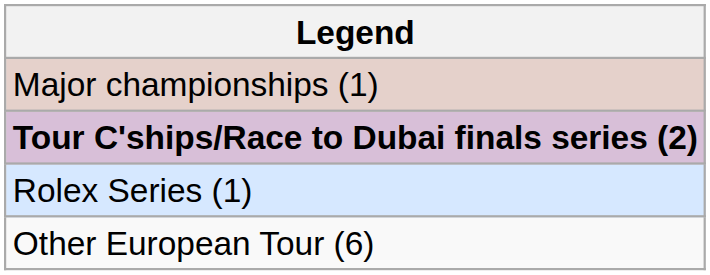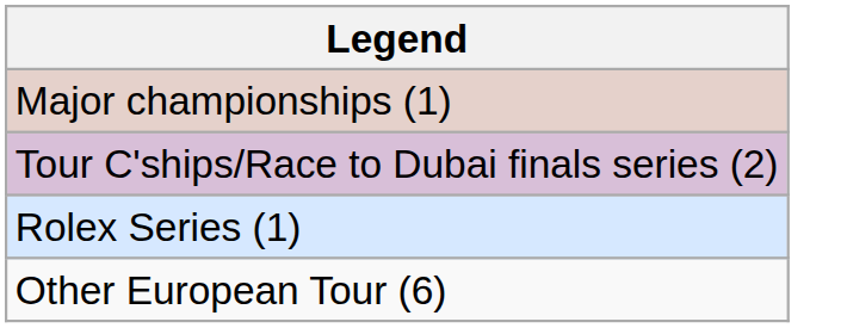 <table class="wikitable" style="font-size:95%;">
 <tr>
 <th>Legend</th>
 </tr>
 <tr style="background:#e5d1cb;">
 <td>Major championships  (1)</td>
 </tr>
 <tr style="background:thistle;">
-<td><strong>Tour C'ships/Race to Dubai finals series (2)</strong></td>
+<td>Tour C'ships/Race to Dubai finals series (2)</td>
 </tr>
 <tr style="background:#D6E8FF;">
 <td>Rolex Series (1)</td>
 </tr>
 <tr>
 <td>Other European Tour (6)</td>
 </tr>
 </table>
